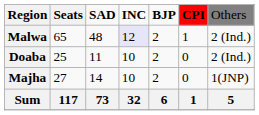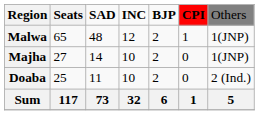 <table class="wikitable sortable">
 <tr>
 <th>Region</th>
 <th>Seats</th>
 <td><span><strong>SAD</strong></span></td>
 <td><span><strong>INC</strong></span></td>
 <td style="text-align:center; background:"><strong>BJP</strong></td>
 <td bgcolor=#FF0000><span><strong>CPI</strong></span></td>
 <td style="background:gray;">Others</td>
 </tr>
 <tr>
 <th>Malwa</th>
 <td>65</td>
 <td>48</td>
-<td style="background: lavender;">12</td>
+<td>12</td>
 <td>2</td>
 <td>1</td>
-<td>2 (Ind.)</td>
+<td>1(JNP)</td>
+</tr>
+<tr>
+<th>Majha</th>
+<td>27</td>
+<td>14</td>
+<td>10</td>
+<td>2</td>
+<td>0</td>
+<td>1(JNP)</td>
 </tr>
 <tr>
 <th>Doaba</th>
 <td>25</td>
 <td>11</td>
 <td>10</td>
 <td>2</td>
 <td>0</td>
 <td>2 (Ind.)</td>
-</tr>
-<tr>
-<th>Majha</th>
-<td>27</td>
-<td>14</td>
-<td>10</td>
-<td>2</td>
-<td>0</td>
-<td>1(JNP)</td>
 </tr>
 <tr>
 <th>Sum</th>
 <th>117</th>
 <th>73</th>
 <th>32</th>
 <th>6</th>
 <th>1</th>
 <th>5</th>
 </tr>
 <tr>
 </tr>
 </table>
